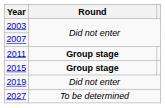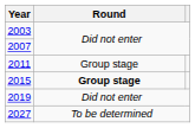 <table class="wikitable" style="text-align: center; font-size:90%">
 <tr>
 <th>Year</th>
 <th style="width:200px">Round</th>
 <th></th>
 </tr>
 <tr>
 <td><a href='#'>2003</a></td>
 <td colspan="2" rowspan="2"><em>Did not enter</em></td>
 </tr>
 <tr>
 <td><a href='#'>2007</a></td>
 </tr>
 <tr>
 <td><a href='#'>2011</a></td>
-<td><strong>Group stage</strong></td>
+<td>Group stage</td>
 <td></td>
 </tr>
 <tr>
 <td><a href='#'>2015</a></td>
 <td><strong>Group stage</strong></td>
 <td></td>
 </tr>
 <tr>
 <td><a href='#'>2019</a></td>
 <td colspan="2"><em>Did not enter</em></td>
 </tr>
 <tr>
 <td><a href='#'>2027</a></td>
 <td colspan="2"><em>To be determined</em></td>
 </tr>
 </table>
